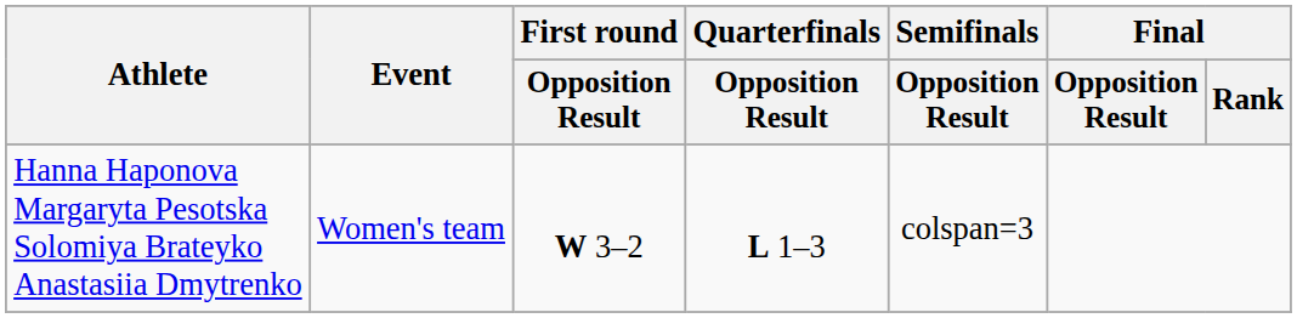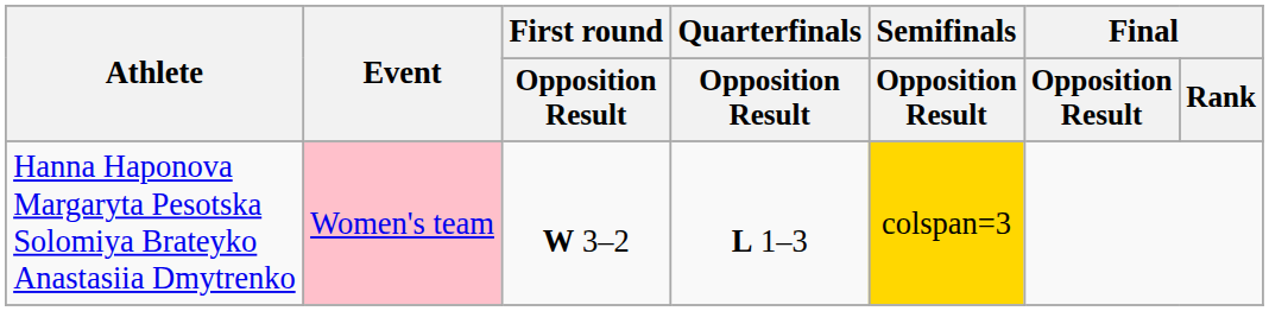 <table class="wikitable" style="text-align:center; font-size:90%">
 <tr>
 <th rowspan=2>Athlete</th>
 <th rowspan=2>Event</th>
 <th>First round</th>
 <th>Quarterfinals</th>
 <th>Semifinals</th>
 <th colspan=2>Final</th>
 </tr>
 <tr style="font-size:95%">
 <th>Opposition<br>Result</th>
 <th>Opposition<br>Result</th>
 <th>Opposition<br>Result</th>
 <th>Opposition<br>Result</th>
 <th>Rank</th>
 </tr>
 <tr>
 <td align=left><a href='#'>Hanna Haponova</a><br><a href='#'>Margaryta Pesotska</a><br><a href='#'>Solomiya Brateyko</a><br><a href='#'>Anastasiia Dmytrenko</a></td>
-<td align=left><a href='#'>Women's team</a></td>
+<td align=left style="background: pink;"><a href='#'>Women's team</a></td>
 <td><br><strong>W</strong> 3–2</td>
 <td><br><strong>L</strong> 1–3</td>
-<td>colspan=3 </td>
+<td style="background: gold;">colspan=3 </td>
 </tr>
 </table>
